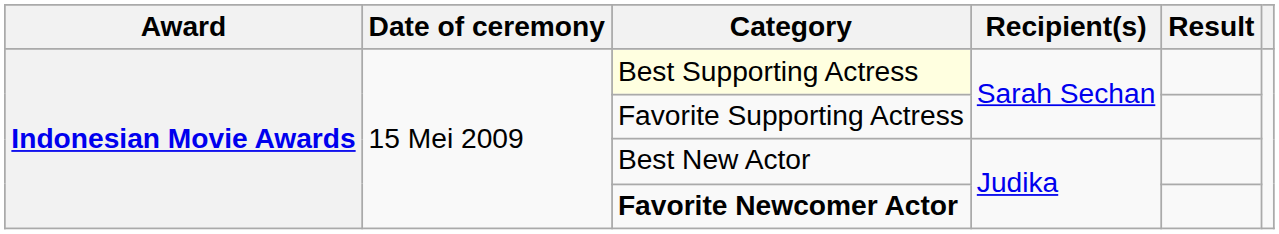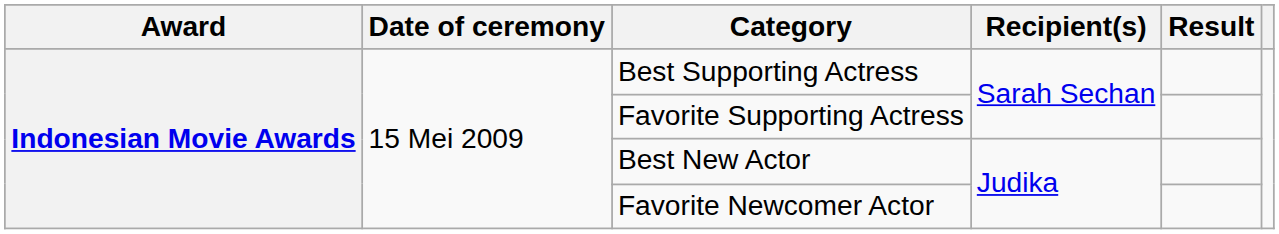 <table class="wikitable plainrowheaders sortable">
 <tr>
 <th scope="col">Award</th>
 <th scope="col">Date of ceremony</th>
 <th scope="col">Category</th>
 <th scope="col">Recipient(s)</th>
 <th scope="col">Result</th>
 <th scope="col" class="unsortable"></th>
 </tr>
 <tr>
 <th rowspan="4" scope="row"><a href='#'>Indonesian Movie Awards</a></th>
 <td rowspan="4">15 Mei 2009</td>
-<td style="background: lightyellow;">Best Supporting Actress</td>
+<td>Best Supporting Actress</td>
 <td rowspan="2"><a href='#'>Sarah Sechan</a></td>
 <td></td>
 <td rowspan="4" style="text-align:center;"></td>
 </tr>
 <tr>
 <td>Favorite Supporting Actress</td>
 <td></td>
 </tr>
 <tr>
 <td>Best New Actor</td>
 <td rowspan="2"><a href='#'>Judika</a></td>
 <td></td>
 </tr>
 <tr>
-<td><strong>Favorite Newcomer Actor</strong></td>
+<td>Favorite Newcomer Actor</td>
 <td></td>
 </tr>
 </table>
